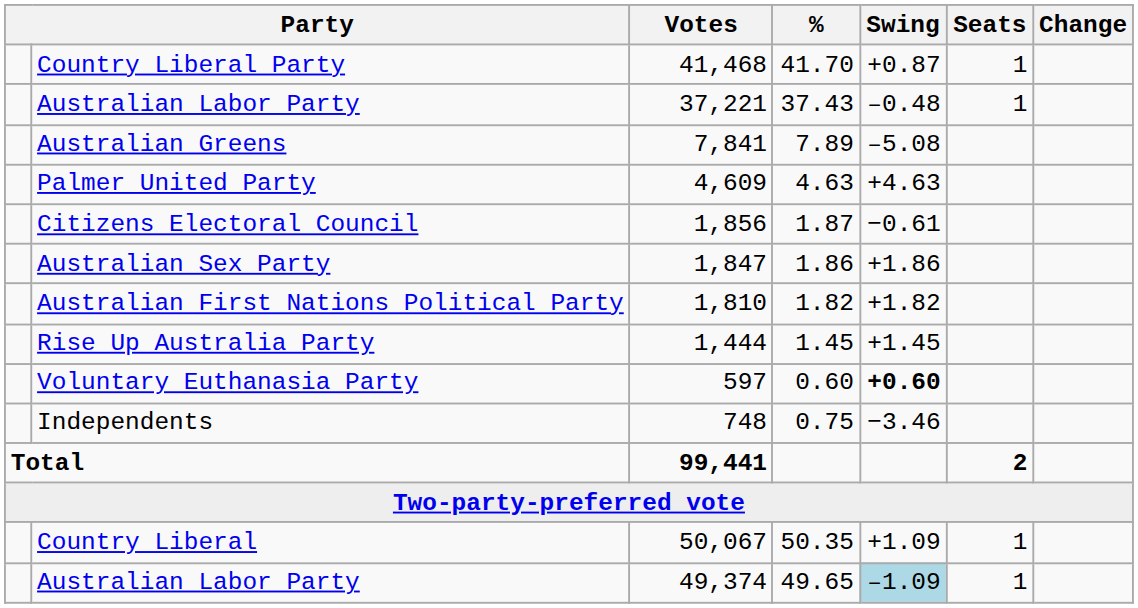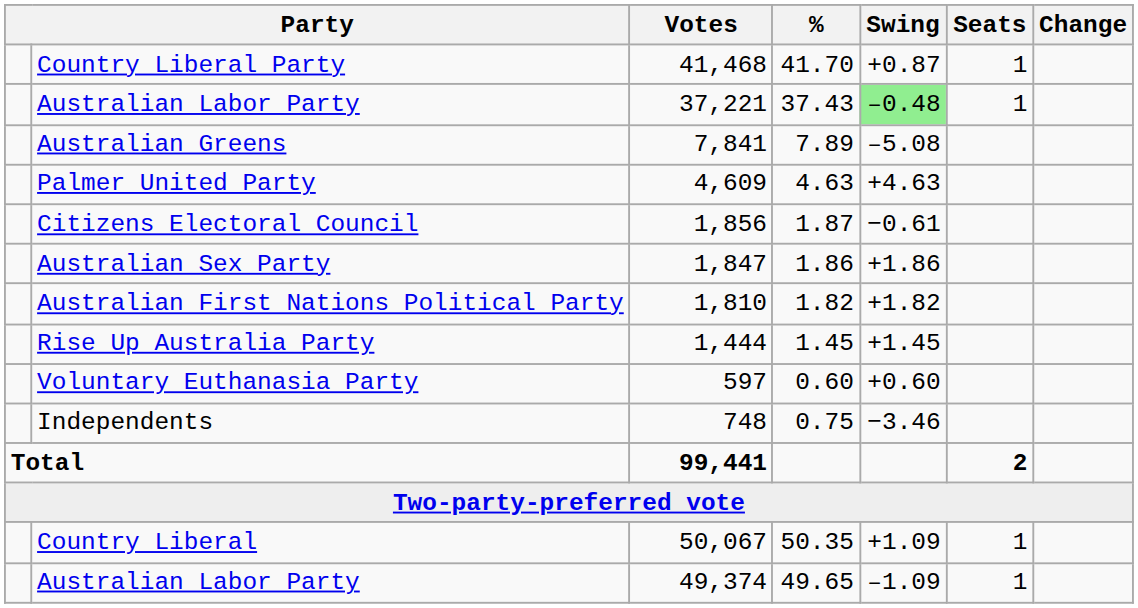 <table class="wikitable">
 <tr>
 <th colspan="2" style="width:200px"><strong>Party</strong></th>
 <th style="width:70px; text-align:center;"><strong>Votes</strong></th>
 <th style="width:40px; text-align:center;"><strong>%</strong></th>
 <th style="width:40px; text-align:center;"><strong>Swing</strong></th>
 <th style="width:40px; text-align:center;"><strong>Seats</strong></th>
 <th style="width:40px; text-align:center;"><strong>Change</strong></th>
 </tr>
 <tr>
 <td> </td>
 <td><a href='#'>Country Liberal Party</a></td>
 <td align="right">41,468</td>
 <td align="right">41.70</td>
 <td align="right">+0.87</td>
 <td align="right">1</td>
 <td align="right"></td>
 </tr>
 <tr>
 <td> </td>
 <td><a href='#'>Australian Labor Party</a></td>
 <td align="right">37,221</td>
 <td align="right">37.43</td>
-<td align="right">–0.48</td>
+<td align="right" style="background: lightgreen;">–0.48</td>
 <td align="right">1</td>
 <td align="right"></td>
 </tr>
 <tr>
 <td> </td>
 <td><a href='#'>Australian Greens</a></td>
 <td align="right">7,841</td>
 <td align="right">7.89</td>
 <td align="right">–5.08</td>
 <td align="right"></td>
 <td align="right"></td>
 </tr>
 <tr>
 <td> </td>
 <td><a href='#'>Palmer United Party</a></td>
 <td align="right">4,609</td>
 <td align="right">4.63</td>
 <td align="right">+4.63</td>
 <td align="right"></td>
 <td align="right"></td>
 </tr>
 <tr>
 <td> </td>
 <td><a href='#'>Citizens Electoral Council</a></td>
 <td align="right">1,856</td>
 <td align="right">1.87</td>
 <td align="right">−0.61</td>
 <td align="right"></td>
 <td align="right"></td>
 </tr>
 <tr>
 <td> </td>
 <td><a href='#'>Australian Sex Party</a></td>
 <td align="right">1,847</td>
 <td align="right">1.86</td>
 <td align="right">+1.86</td>
 <td align="right"></td>
 <td align="right"></td>
 </tr>
 <tr>
 <td> </td>
 <td><a href='#'>Australian First Nations Political Party</a></td>
 <td align="right">1,810</td>
 <td align="right">1.82</td>
 <td align="right">+1.82</td>
 <td align="right"></td>
 <td align="right"></td>
 </tr>
 <tr>
 <td> </td>
 <td><a href='#'>Rise Up Australia Party</a></td>
 <td align="right">1,444</td>
 <td align="right">1.45</td>
 <td align="right">+1.45</td>
 <td align="right"></td>
 <td align="right"></td>
 </tr>
 <tr>
 <td> </td>
 <td><a href='#'>Voluntary Euthanasia Party</a></td>
 <td align="right">597</td>
 <td align="right">0.60</td>
-<td align="right"><strong>+0.60</strong></td>
+<td align="right">+0.60</td>
 <td align="right"></td>
 <td align="right"></td>
 </tr>
 <tr>
 <td> </td>
 <td>Independents</td>
 <td align="right">748</td>
 <td align="right">0.75</td>
 <td align="right">−3.46</td>
 <td align="right"></td>
 <td align="right"></td>
 </tr>
 <tr>
 <td colspan="2"><strong>Total</strong></td>
 <td align="right"><strong>99,441</strong></td>
 <td align="right"></td>
 <td align="right"></td>
 <td align="right"><strong>2</strong></td>
 <td align="right"></td>
 </tr>
 <tr>
 <td colspan="7" style="text-align:center; background:#eee;"><strong><a href='#'>Two-party-preferred vote</a></strong></td>
 </tr>
 <tr>
 <td> </td>
 <td><a href='#'>Country Liberal</a></td>
 <td align="right">50,067</td>
 <td align="right">50.35</td>
 <td align="right">+1.09</td>
 <td align="right">1</td>
 <td align="right"></td>
 </tr>
 <tr>
 <td> </td>
 <td><a href='#'>Australian Labor Party</a></td>
 <td align="right">49,374</td>
 <td align="right">49.65</td>
-<td align="right" style="background: lightblue;">–1.09</td>
+<td align="right">–1.09</td>
 <td align="right">1</td>
 <td align="right"></td>
 </tr>
 </table>
